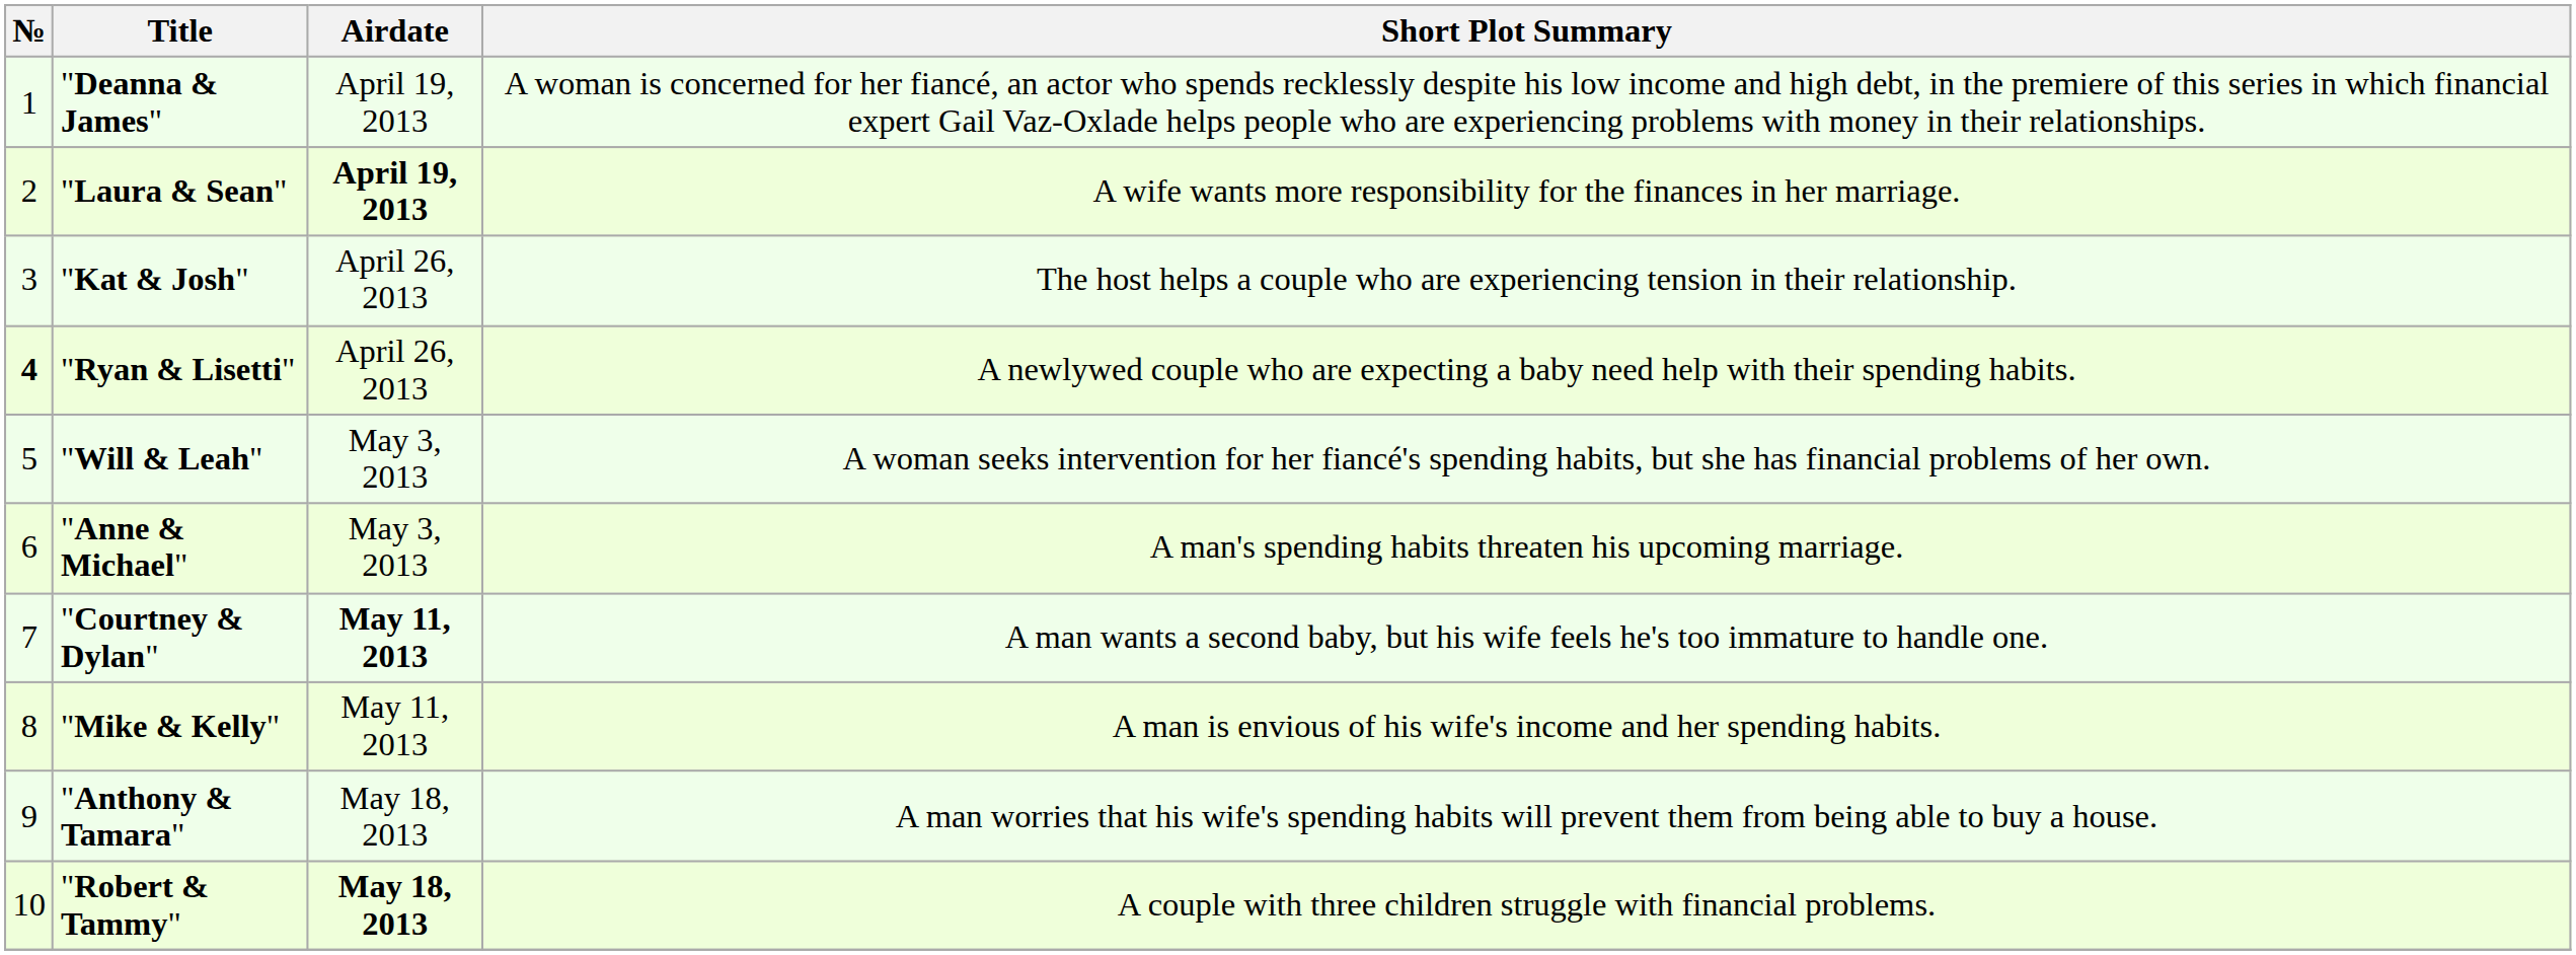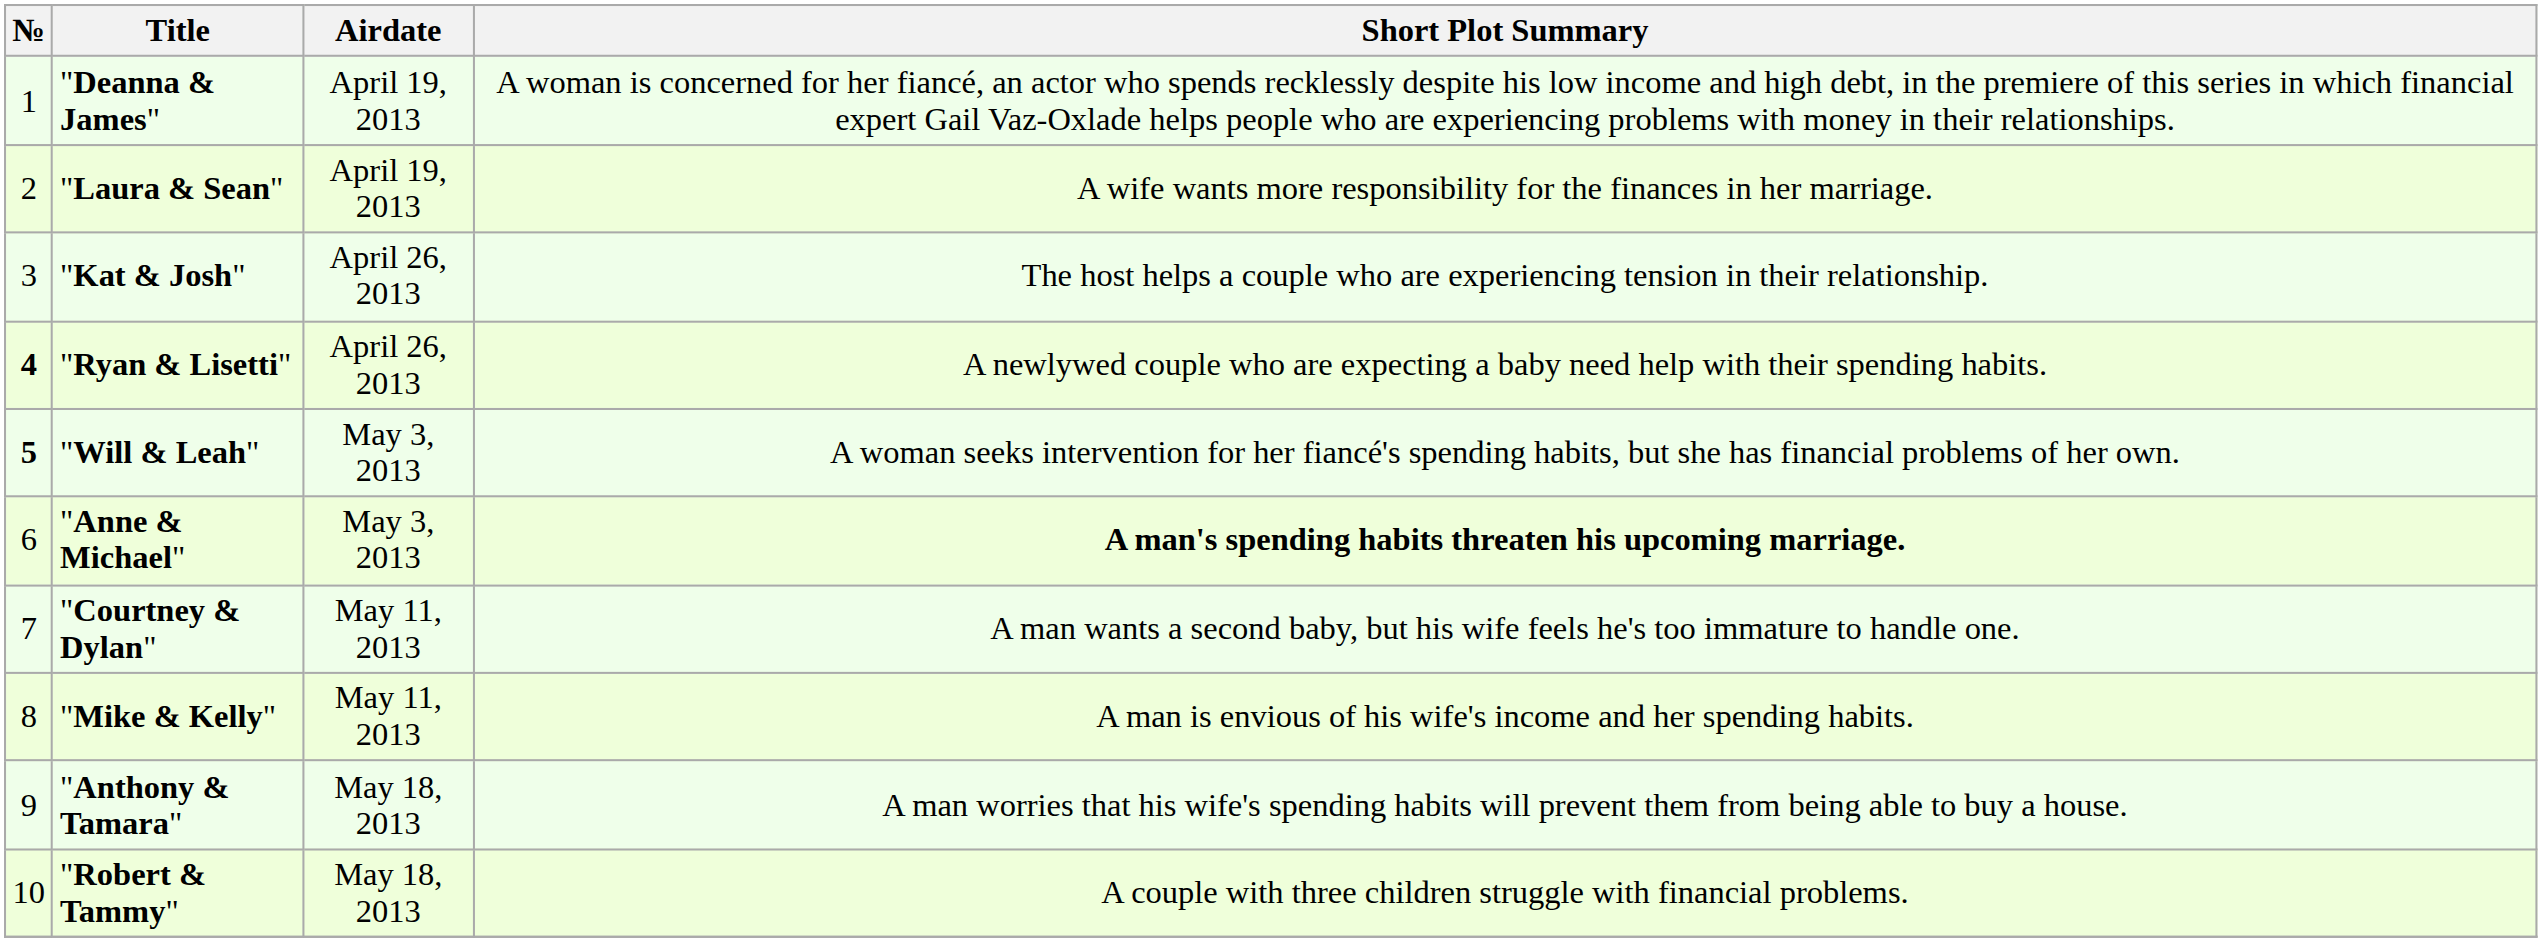 <table class=wikitable style="text-align:center; background:#EFFFEA">
 <tr>
 <th>№</th>
 <th>Title</th>
 <th>Airdate</th>
 <th>Short Plot Summary</th>
 </tr>
 <tr>
 <td>1</td>
 <td align="left">"<strong>Deanna & James</strong>"</td>
 <td>April 19, 2013</td>
 <td>A woman is concerned for her fiancé, an actor who spends recklessly despite his low income and high debt, in the premiere of this series in which financial expert Gail Vaz-Oxlade helps people who are experiencing problems with money in their relationships.</td>
 </tr>
 <tr bgcolor="EFFFDA">
 <td>2</td>
 <td align="left">"<strong>Laura & Sean</strong>"</td>
-<td><strong>April 19, 2013</strong></td>
+<td>April 19, 2013</td>
 <td>A wife wants more responsibility for the finances in her marriage.</td>
 </tr>
 <tr>
 <td>3</td>
 <td align="left">"<strong>Kat & Josh</strong>"</td>
 <td>April 26, 2013</td>
 <td>The host helps a couple who are experiencing tension in their relationship.</td>
 </tr>
 <tr bgcolor="EFFFDA">
 <td><strong>4</strong></td>
 <td align="left">"<strong>Ryan & Lisetti</strong>"</td>
 <td>April 26, 2013</td>
 <td>A newlywed couple who are expecting a baby need help with their spending habits.</td>
 </tr>
 <tr>
-<td>5</td>
+<td><strong>5</strong></td>
 <td align="left">"<strong>Will & Leah</strong>"</td>
 <td>May 3, 2013</td>
 <td>A woman seeks intervention for her fiancé's spending habits, but she has financial problems of her own.</td>
 </tr>
 <tr bgcolor="EFFFDA">
 <td>6</td>
 <td align="left">"<strong>Anne & Michael</strong>"</td>
 <td>May 3, 2013</td>
-<td>A man's spending habits threaten his upcoming marriage.</td>
+<td><strong>A man's spending habits threaten his upcoming marriage.</strong></td>
 </tr>
 <tr>
 <td>7</td>
 <td align="left">"<strong>Courtney & Dylan</strong>"</td>
-<td><strong>May 11, 2013</strong></td>
+<td>May 11, 2013</td>
 <td>A man wants a second baby, but his wife feels he's too immature to handle one.</td>
 </tr>
 <tr bgcolor="EFFFDA">
 <td>8</td>
 <td align="left">"<strong>Mike & Kelly</strong>"</td>
 <td>May 11, 2013</td>
 <td>A man is envious of his wife's income and her spending habits.</td>
 </tr>
 <tr>
 <td>9</td>
 <td align="left">"<strong>Anthony & Tamara</strong>"</td>
 <td>May 18, 2013</td>
 <td>A man worries that his wife's spending habits will prevent them from being able to buy a house.</td>
 </tr>
 <tr bgcolor="EFFFDA">
 <td>10</td>
 <td align="left">"<strong>Robert & Tammy</strong>"</td>
-<td><strong>May 18, 2013</strong></td>
+<td>May 18, 2013</td>
 <td>A couple with three children struggle with financial problems.</td>
 </tr>
 <tr>
 </tr>
 </table>
